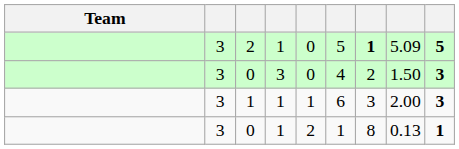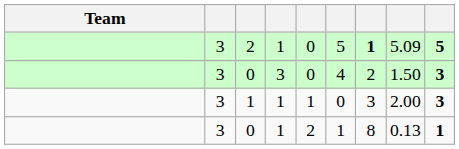 <table class="wikitable" style="text-align:center">
 <tr>
 <th width=175>Team</th>
 <th width=20></th>
 <th width=20></th>
 <th width=20></th>
 <th width=20></th>
 <th width=20></th>
 <th width=20></th>
 <th width=20></th>
 <th width=20></th>
 </tr>
 <tr bgcolor="#ccffcc">
 <td align="left"></td>
 <td>3</td>
 <td>2</td>
 <td>1</td>
 <td>0</td>
 <td>5</td>
 <td><strong>1</strong></td>
 <td>5.09</td>
 <td><strong>5</strong></td>
 </tr>
 <tr bgcolor="#ccffcc">
 <td align="left"></td>
 <td>3</td>
 <td>0</td>
 <td>3</td>
 <td>0</td>
 <td>4</td>
 <td>2</td>
 <td>1.50</td>
 <td><strong>3</strong></td>
 </tr>
 <tr>
 <td align="left"></td>
 <td>3</td>
 <td>1</td>
 <td>1</td>
 <td>1</td>
-<td>6</td>
+<td>0</td>
 <td>3</td>
 <td>2.00</td>
 <td><strong>3</strong></td>
 </tr>
 <tr>
 <td align="left"></td>
 <td>3</td>
 <td>0</td>
 <td>1</td>
 <td>2</td>
 <td>1</td>
 <td>8</td>
 <td>0.13</td>
 <td><strong>1</strong></td>
 </tr>
 </table>
